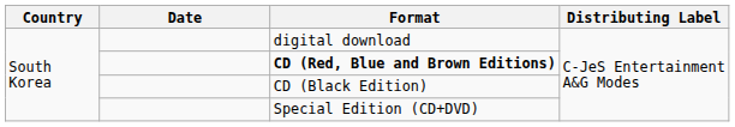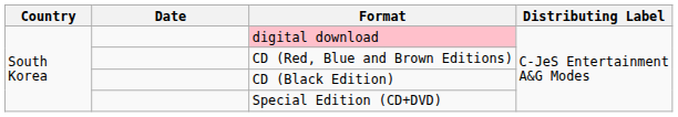 <table class="wikitable">
 <tr>
 <th width=80px>Country</th>
 <th width=150px>Date</th>
 <th>Format</th>
 <th>Distributing Label</th>
 </tr>
 <tr>
 <td rowspan="4">South Korea</td>
 <td></td>
-<td>digital download</td>
+<td style="background: pink;">digital download</td>
 <td rowspan="4">C-JeS Entertainment<br>A&G Modes</td>
 </tr>
 <tr>
 <td></td>
-<td><strong>CD (Red, Blue and Brown Editions)</strong></td>
+<td>CD (Red, Blue and Brown Editions)</td>
 </tr>
 <tr>
 <td></td>
 <td>CD (Black Edition)</td>
 </tr>
 <tr>
 <td></td>
 <td>Special Edition (CD+DVD)</td>
 </tr>
 </table>
